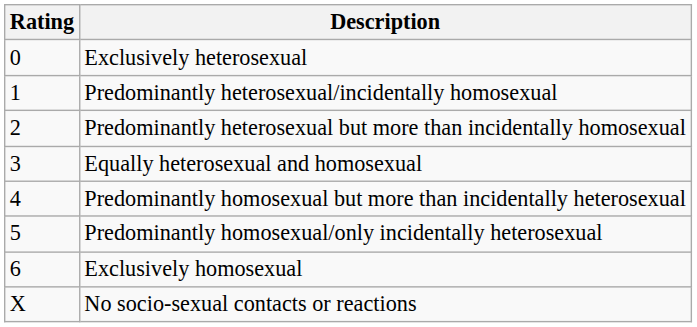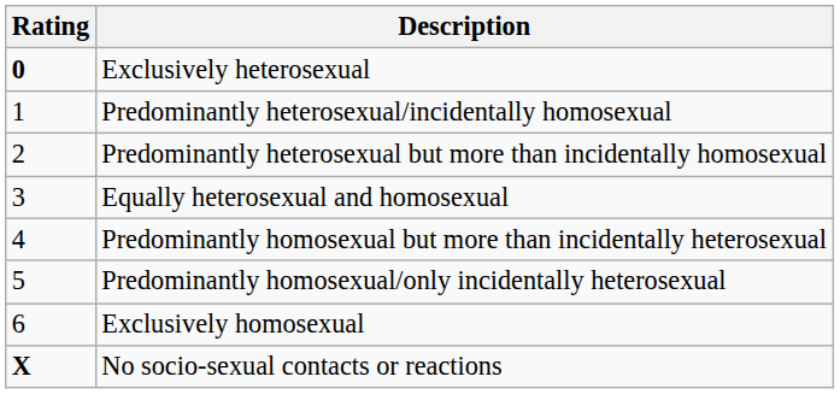 <table class="wikitable">
 <tr>
 <th>Rating</th>
 <th>Description</th>
 </tr>
 <tr>
-<td>0</td>
+<td><strong>0</strong></td>
 <td>Exclusively heterosexual</td>
 </tr>
 <tr>
 <td>1</td>
 <td>Predominantly heterosexual/incidentally homosexual</td>
 </tr>
 <tr>
 <td>2</td>
 <td>Predominantly heterosexual but more than incidentally homosexual</td>
 </tr>
 <tr>
 <td>3</td>
 <td>Equally heterosexual and homosexual</td>
 </tr>
 <tr>
 <td>4</td>
 <td>Predominantly homosexual but more than incidentally heterosexual</td>
 </tr>
 <tr>
 <td>5</td>
 <td>Predominantly homosexual/only incidentally heterosexual</td>
 </tr>
 <tr>
 <td>6</td>
 <td>Exclusively homosexual</td>
 </tr>
 <tr>
-<td>X</td>
+<td><strong>X</strong></td>
 <td>No socio-sexual contacts or reactions</td>
 </tr>
 </table>
